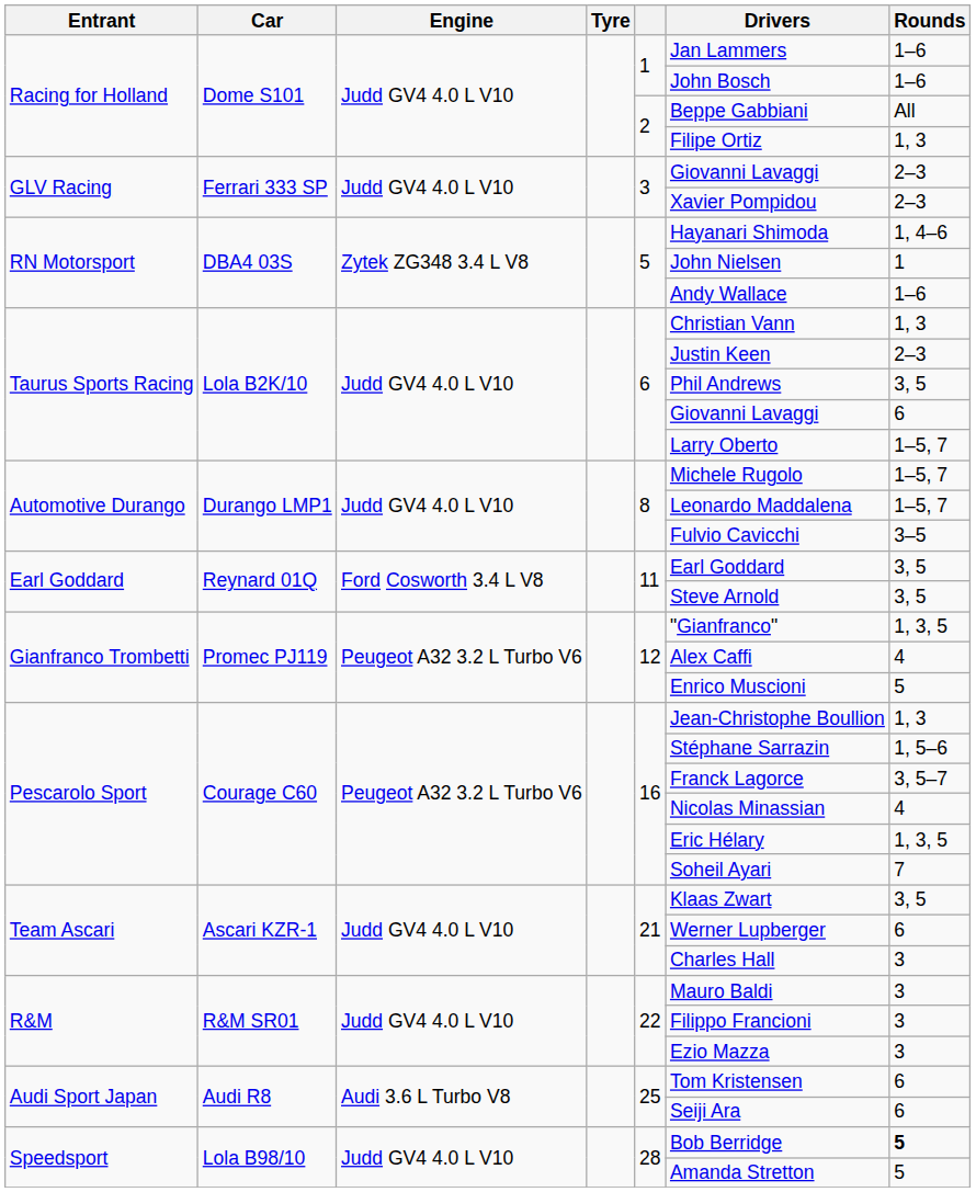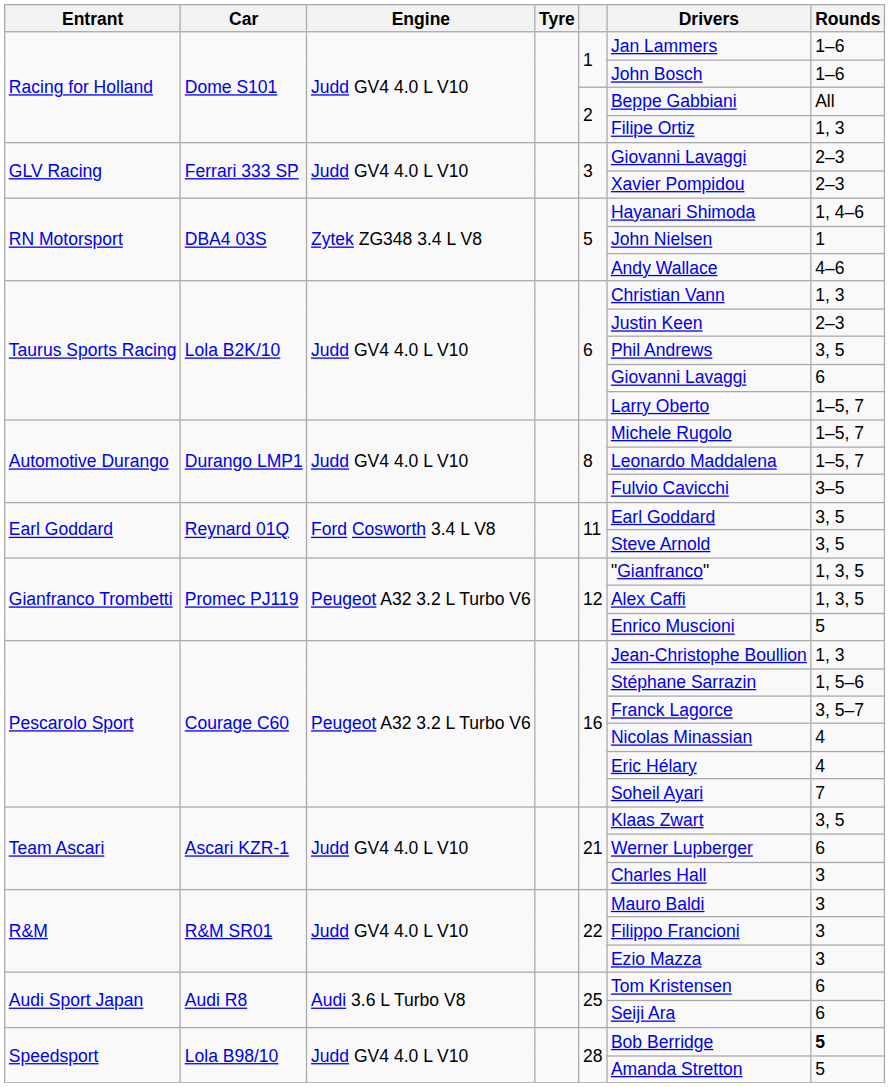 <table class="wikitable" style="font-size: 85%">
 <tr>
 <th>Entrant</th>
 <th>Car</th>
 <th>Engine</th>
 <th>Tyre</th>
 <th></th>
 <th>Drivers</th>
 <th>Rounds</th>
 </tr>
 <tr>
 <td rowspan=4> <a href='#'>Racing for Holland</a></td>
 <td rowspan=4><a href='#'>Dome S101</a></td>
 <td rowspan=4><a href='#'>Judd</a> GV4 4.0 L V10</td>
 <td rowspan=4><br></td>
 <td rowspan=2>1</td>
 <td> <a href='#'>Jan Lammers</a></td>
 <td>1–6</td>
 </tr>
 <tr>
 <td> <a href='#'>John Bosch</a></td>
 <td>1–6</td>
 </tr>
 <tr>
 <td rowspan=2>2</td>
 <td> <a href='#'>Beppe Gabbiani</a></td>
 <td>All</td>
 </tr>
 <tr>
 <td> <a href='#'>Filipe Ortiz</a></td>
 <td>1, 3</td>
 </tr>
 <tr>
 <td rowspan=2> <a href='#'>GLV Racing</a></td>
 <td rowspan=2><a href='#'>Ferrari 333 SP</a></td>
 <td rowspan=2><a href='#'>Judd</a> GV4 4.0 L V10</td>
 <td rowspan=2></td>
 <td rowspan=2>3</td>
 <td> <a href='#'>Giovanni Lavaggi</a></td>
 <td>2–3</td>
 </tr>
 <tr>
 <td> <a href='#'>Xavier Pompidou</a></td>
 <td>2–3</td>
 </tr>
 <tr>
 <td rowspan=3> <a href='#'>RN Motorsport</a></td>
 <td rowspan=3><a href='#'>DBA4 03S</a></td>
 <td rowspan=3><a href='#'>Zytek</a> ZG348 3.4 L V8</td>
 <td rowspan=3></td>
 <td rowspan=3>5</td>
 <td> <a href='#'>Hayanari Shimoda</a></td>
 <td>1, 4–6</td>
 </tr>
 <tr>
 <td> <a href='#'>John Nielsen</a></td>
 <td>1</td>
 </tr>
 <tr>
 <td> <a href='#'>Andy Wallace</a></td>
-<td>1–6</td>
+<td>4–6</td>
 </tr>
 <tr>
 <td rowspan=5> <a href='#'>Taurus Sports Racing</a></td>
 <td rowspan=5><a href='#'>Lola B2K/10</a></td>
 <td rowspan=5><a href='#'>Judd</a> GV4 4.0 L V10</td>
 <td rowspan=5></td>
 <td rowspan=5>6</td>
 <td> <a href='#'>Christian Vann</a></td>
 <td>1, 3</td>
 </tr>
 <tr>
 <td> <a href='#'>Justin Keen</a></td>
 <td>2–3</td>
 </tr>
 <tr>
 <td> <a href='#'>Phil Andrews</a></td>
 <td>3, 5</td>
 </tr>
 <tr>
 <td> <a href='#'>Giovanni Lavaggi</a></td>
 <td>6</td>
 </tr>
 <tr>
 <td> <a href='#'>Larry Oberto</a></td>
 <td>1–5, 7</td>
 </tr>
 <tr>
 <td rowspan=3> <a href='#'>Automotive Durango</a></td>
 <td rowspan=3><a href='#'>Durango LMP1</a></td>
 <td rowspan=3><a href='#'>Judd</a> GV4 4.0 L V10</td>
 <td rowspan=3></td>
 <td rowspan=3>8</td>
 <td> <a href='#'>Michele Rugolo</a></td>
 <td>1–5, 7</td>
 </tr>
 <tr>
 <td> <a href='#'>Leonardo Maddalena</a></td>
 <td>1–5, 7</td>
 </tr>
 <tr>
 <td> <a href='#'>Fulvio Cavicchi</a></td>
 <td>3–5</td>
 </tr>
 <tr>
 <td rowspan=2> <a href='#'>Earl Goddard</a></td>
 <td rowspan=2><a href='#'>Reynard 01Q</a></td>
 <td rowspan=2><a href='#'>Ford</a> <a href='#'>Cosworth</a> 3.4 L V8</td>
 <td rowspan=2></td>
 <td rowspan=2>11</td>
 <td> <a href='#'>Earl Goddard</a></td>
 <td>3, 5</td>
 </tr>
 <tr>
 <td> <a href='#'>Steve Arnold</a></td>
 <td>3, 5</td>
 </tr>
 <tr>
 <td rowspan=3> <a href='#'>Gianfranco Trombetti</a></td>
 <td rowspan=3><a href='#'>Promec PJ119</a></td>
 <td rowspan=3><a href='#'>Peugeot</a> A32 3.2 L Turbo V6</td>
 <td rowspan=3></td>
 <td rowspan=3>12</td>
 <td> "<a href='#'>Gianfranco</a>"</td>
 <td>1, 3, 5</td>
 </tr>
 <tr>
 <td> <a href='#'>Alex Caffi</a></td>
-<td>4</td>
+<td>1, 3, 5</td>
 </tr>
 <tr>
 <td> <a href='#'>Enrico Muscioni</a></td>
 <td>5</td>
 </tr>
 <tr>
 <td rowspan=6> <a href='#'>Pescarolo Sport</a></td>
 <td rowspan=6><a href='#'>Courage C60</a></td>
 <td rowspan=6><a href='#'>Peugeot</a> A32 3.2 L Turbo V6</td>
 <td rowspan=6><br></td>
 <td rowspan=6>16</td>
 <td> <a href='#'>Jean-Christophe Boullion</a></td>
 <td>1, 3</td>
 </tr>
 <tr>
 <td> <a href='#'>Stéphane Sarrazin</a></td>
 <td>1, 5–6</td>
 </tr>
 <tr>
 <td> <a href='#'>Franck Lagorce</a></td>
 <td>3, 5–7</td>
 </tr>
 <tr>
 <td> <a href='#'>Nicolas Minassian</a></td>
 <td>4</td>
 </tr>
 <tr>
 <td> <a href='#'>Eric Hélary</a></td>
-<td>1, 3, 5</td>
+<td>4</td>
 </tr>
 <tr>
 <td> <a href='#'>Soheil Ayari</a></td>
 <td>7</td>
 </tr>
 <tr>
 <td rowspan=3> <a href='#'>Team Ascari</a></td>
 <td rowspan=3><a href='#'>Ascari KZR-1</a></td>
 <td rowspan=3><a href='#'>Judd</a> GV4 4.0 L V10</td>
 <td rowspan=3></td>
 <td rowspan=3>21</td>
 <td> <a href='#'>Klaas Zwart</a></td>
 <td>3, 5</td>
 </tr>
 <tr>
 <td> <a href='#'>Werner Lupberger</a></td>
 <td>6</td>
 </tr>
 <tr>
 <td> <a href='#'>Charles Hall</a></td>
 <td>3</td>
 </tr>
 <tr>
 <td rowspan=3> <a href='#'>R&M</a></td>
 <td rowspan=3><a href='#'>R&M SR01</a></td>
 <td rowspan=3><a href='#'>Judd</a> GV4 4.0 L V10</td>
 <td rowspan=3></td>
 <td rowspan=3>22</td>
 <td> <a href='#'>Mauro Baldi</a></td>
 <td>3</td>
 </tr>
 <tr>
 <td> <a href='#'>Filippo Francioni</a></td>
 <td>3</td>
 </tr>
 <tr>
 <td> <a href='#'>Ezio Mazza</a></td>
 <td>3</td>
 </tr>
 <tr>
 <td rowspan=2> <a href='#'>Audi Sport Japan</a></td>
 <td rowspan=2><a href='#'>Audi R8</a></td>
 <td rowspan=2><a href='#'>Audi</a> 3.6 L Turbo V8</td>
 <td rowspan=2></td>
 <td rowspan=2>25</td>
 <td> <a href='#'>Tom Kristensen</a></td>
 <td>6</td>
 </tr>
 <tr>
 <td> <a href='#'>Seiji Ara</a></td>
 <td>6</td>
 </tr>
 <tr>
 <td rowspan=2> <a href='#'>Speedsport</a></td>
 <td rowspan=2><a href='#'>Lola B98/10</a></td>
 <td rowspan=2><a href='#'>Judd</a> GV4 4.0 L V10</td>
 <td rowspan=2></td>
 <td rowspan=2>28</td>
 <td> <a href='#'>Bob Berridge</a></td>
 <td><strong>5</strong></td>
 </tr>
 <tr>
 <td> <a href='#'>Amanda Stretton</a></td>
 <td>5</td>
 </tr>
 <tr>
 </tr>
 </table>
